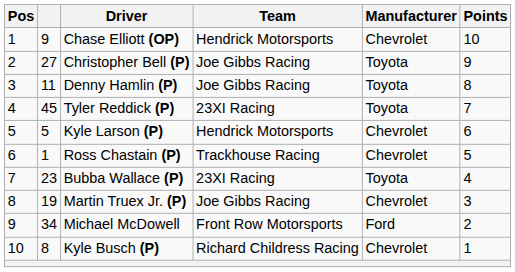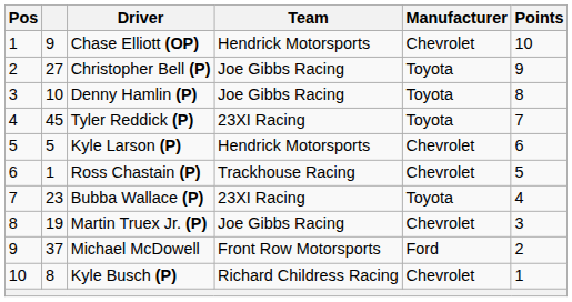 <table class="wikitable" style="font-size:98%">
 <tr>
 <th>Pos</th>
 <th></th>
 <th>Driver</th>
 <th>Team</th>
 <th>Manufacturer</th>
 <th>Points</th>
 </tr>
 <tr>
 <td>1</td>
 <td>9</td>
 <td>Chase Elliott <strong>(OP)</strong></td>
 <td>Hendrick Motorsports</td>
 <td>Chevrolet</td>
 <td>10</td>
 </tr>
 <tr>
 <td>2</td>
 <td>27</td>
 <td>Christopher Bell <strong>(P)</strong></td>
 <td>Joe Gibbs Racing</td>
 <td>Toyota</td>
 <td>9</td>
 </tr>
 <tr>
 <td>3</td>
-<td>11</td>
+<td>10</td>
 <td>Denny Hamlin <strong>(P)</strong></td>
 <td>Joe Gibbs Racing</td>
 <td>Toyota</td>
 <td>8</td>
 </tr>
 <tr>
 <td>4</td>
 <td>45</td>
 <td>Tyler Reddick <strong>(P)</strong></td>
 <td>23XI Racing</td>
 <td>Toyota</td>
 <td>7</td>
 </tr>
 <tr>
 <td>5</td>
 <td>5</td>
 <td>Kyle Larson <strong>(P)</strong></td>
 <td>Hendrick Motorsports</td>
 <td>Chevrolet</td>
 <td>6</td>
 </tr>
 <tr>
 <td>6</td>
 <td>1</td>
 <td>Ross Chastain <strong>(P)</strong></td>
 <td>Trackhouse Racing</td>
 <td>Chevrolet</td>
 <td>5</td>
 </tr>
 <tr>
 <td>7</td>
 <td>23</td>
 <td>Bubba Wallace <strong>(P)</strong></td>
 <td>23XI Racing</td>
 <td>Toyota</td>
 <td>4</td>
 </tr>
 <tr>
 <td>8</td>
 <td>19</td>
 <td>Martin Truex Jr. <strong>(P)</strong></td>
 <td>Joe Gibbs Racing</td>
 <td>Chevrolet</td>
 <td>3</td>
 </tr>
 <tr>
 <td>9</td>
-<td>34</td>
+<td>37</td>
 <td>Michael McDowell</td>
 <td>Front Row Motorsports</td>
 <td>Ford</td>
 <td>2</td>
 </tr>
 <tr>
 <td>10</td>
 <td>8</td>
 <td>Kyle Busch <strong>(P)</strong></td>
 <td>Richard Childress Racing</td>
 <td>Chevrolet</td>
 <td>1</td>
 </tr>
 <tr>
 <th colspan="6"></th>
 </tr>
 </table>
